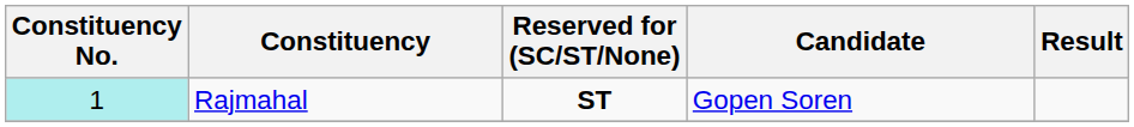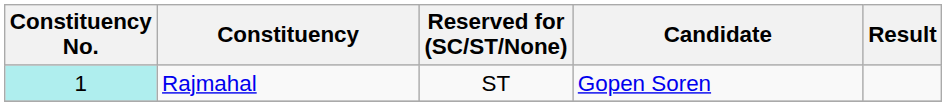 <table class= "wikitable sortable">
 <tr>
 <th align="center">Constituency <br> No.</th>
 <th style="width:180px;">Constituency</th>
 <th align="center">Reserved for<br>(SC/ST/None)</th>
 <th style="width:200px;">Candidate</th>
 <th align="center">Result</th>
 </tr>
 <tr>
 <td style="background: paleturquoise; text-align:center;">1</td>
 <td><a href='#'>Rajmahal</a></td>
-<td style="text-align:center;"><strong>ST</strong></td>
+<td style="text-align:center;">ST</td>
 <td><a href='#'>Gopen Soren</a></td>
 <td></td>
 </tr>
 <tr>
 </tr>
 </table>
